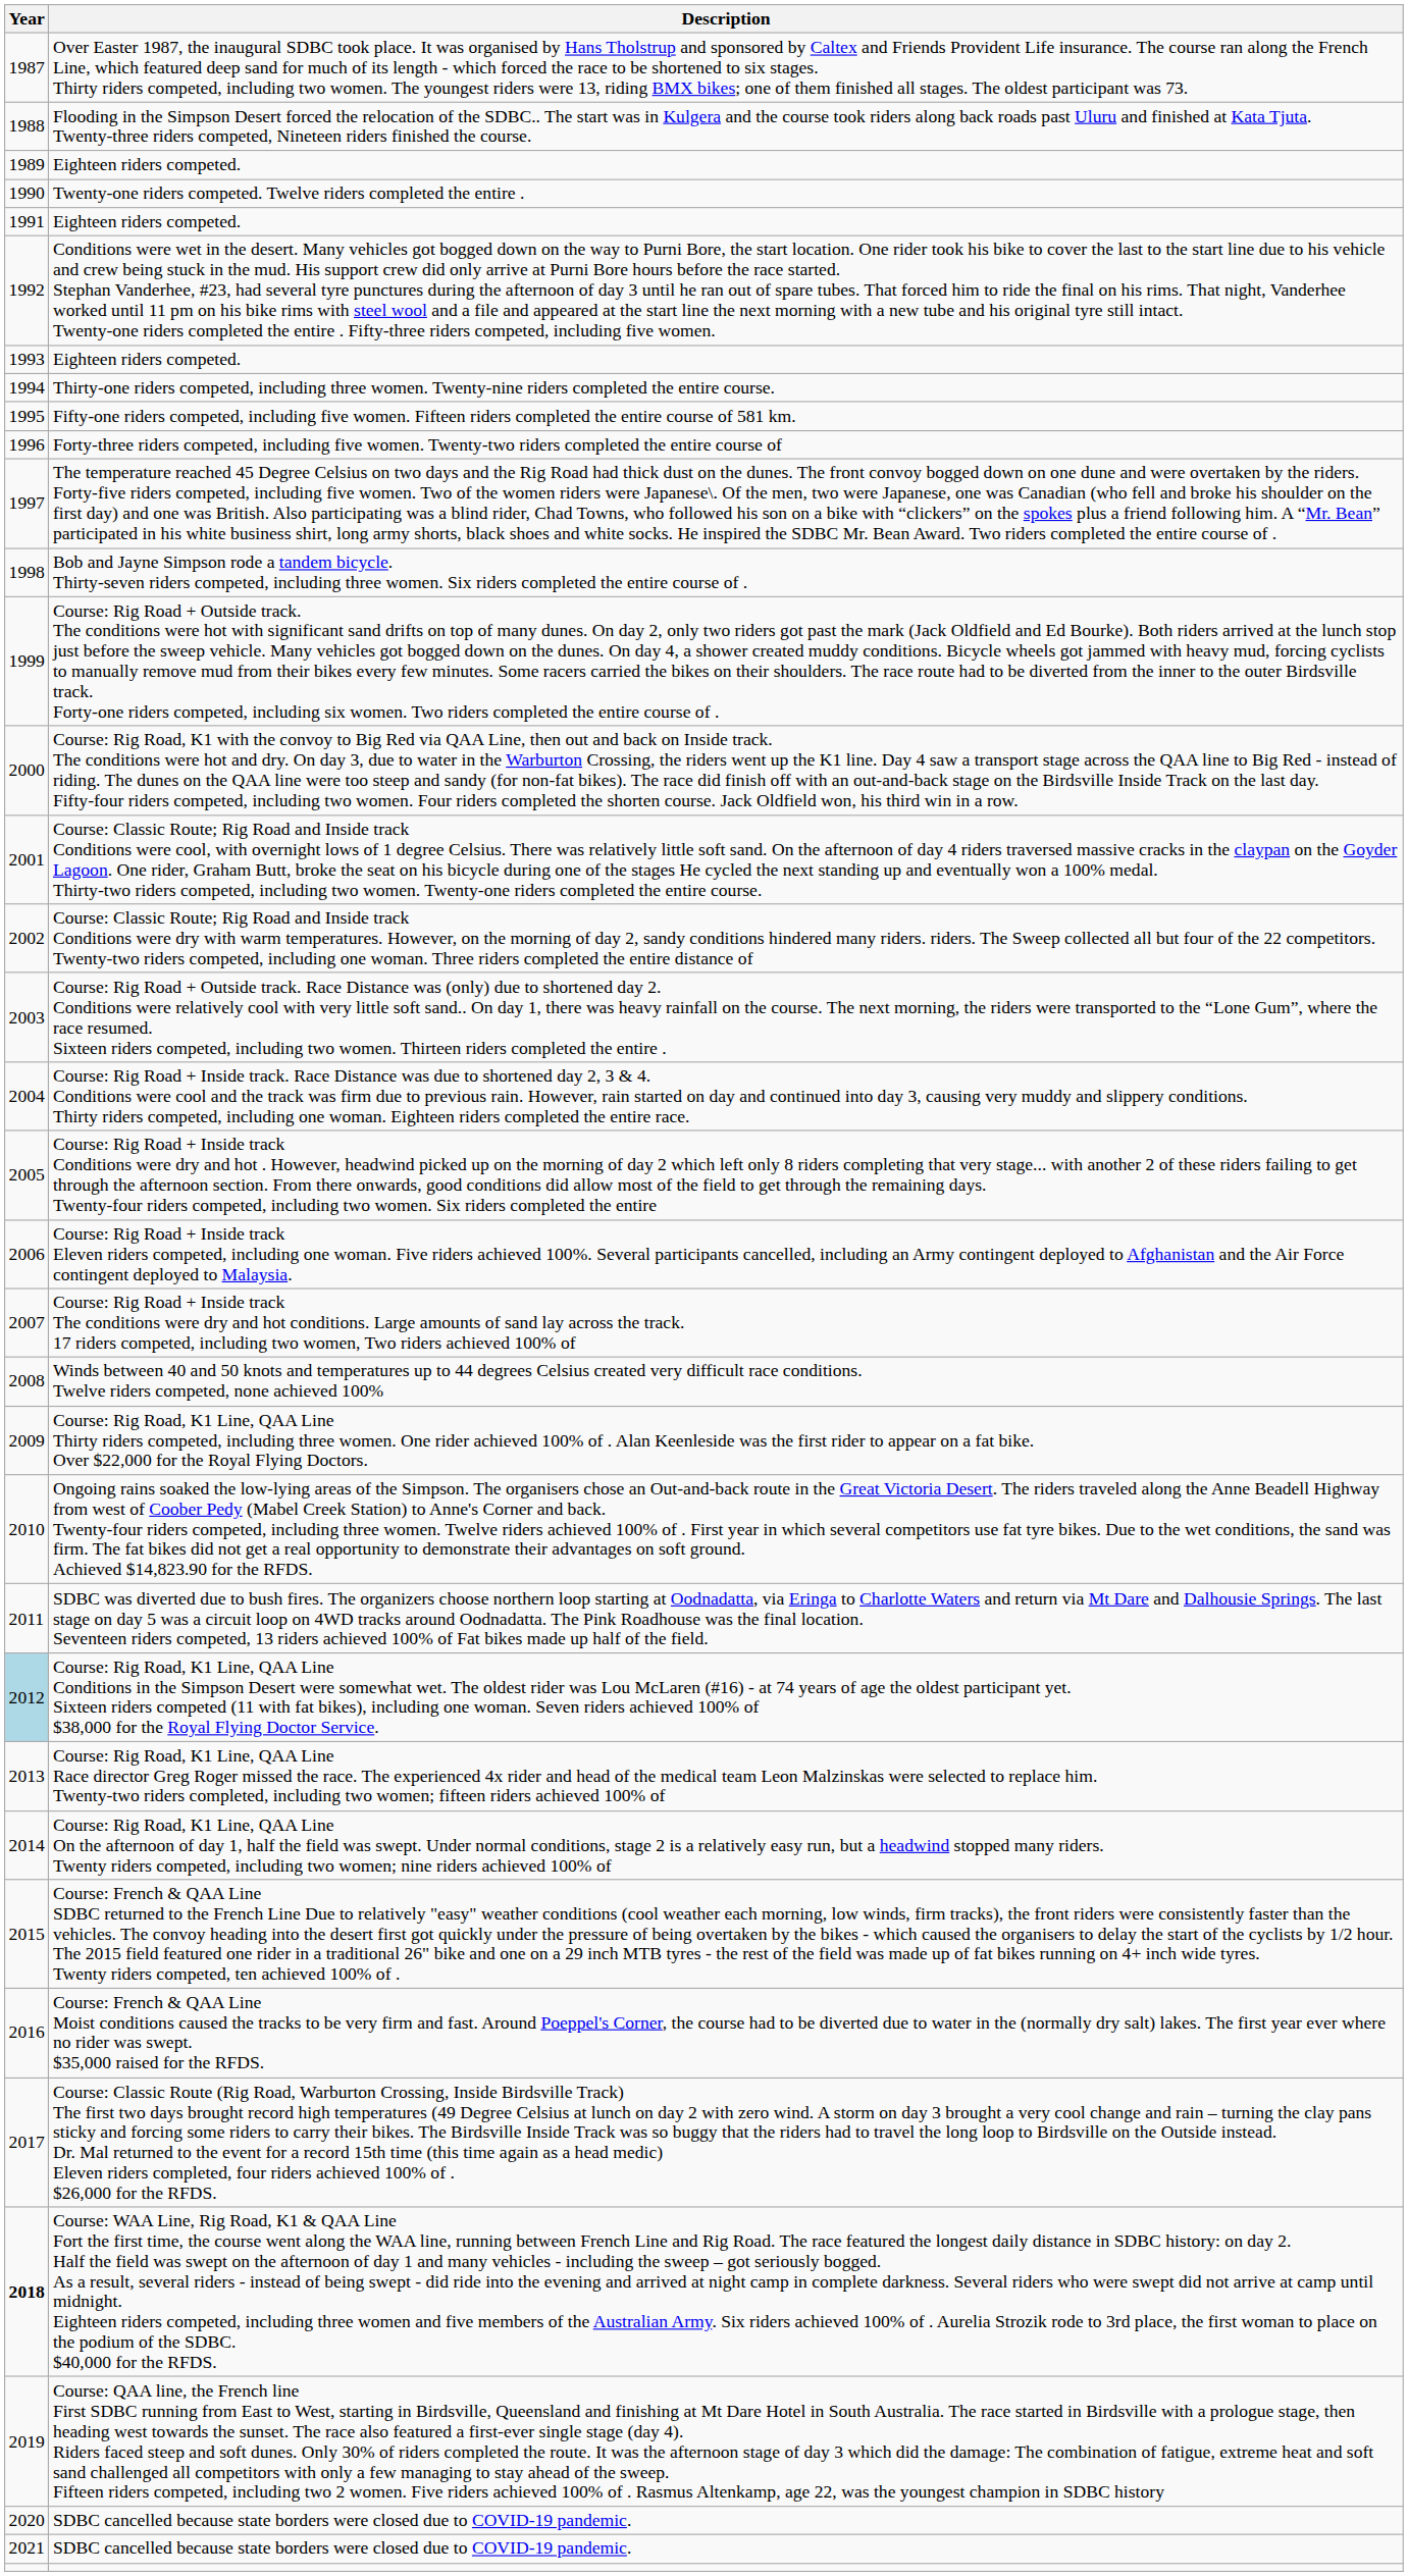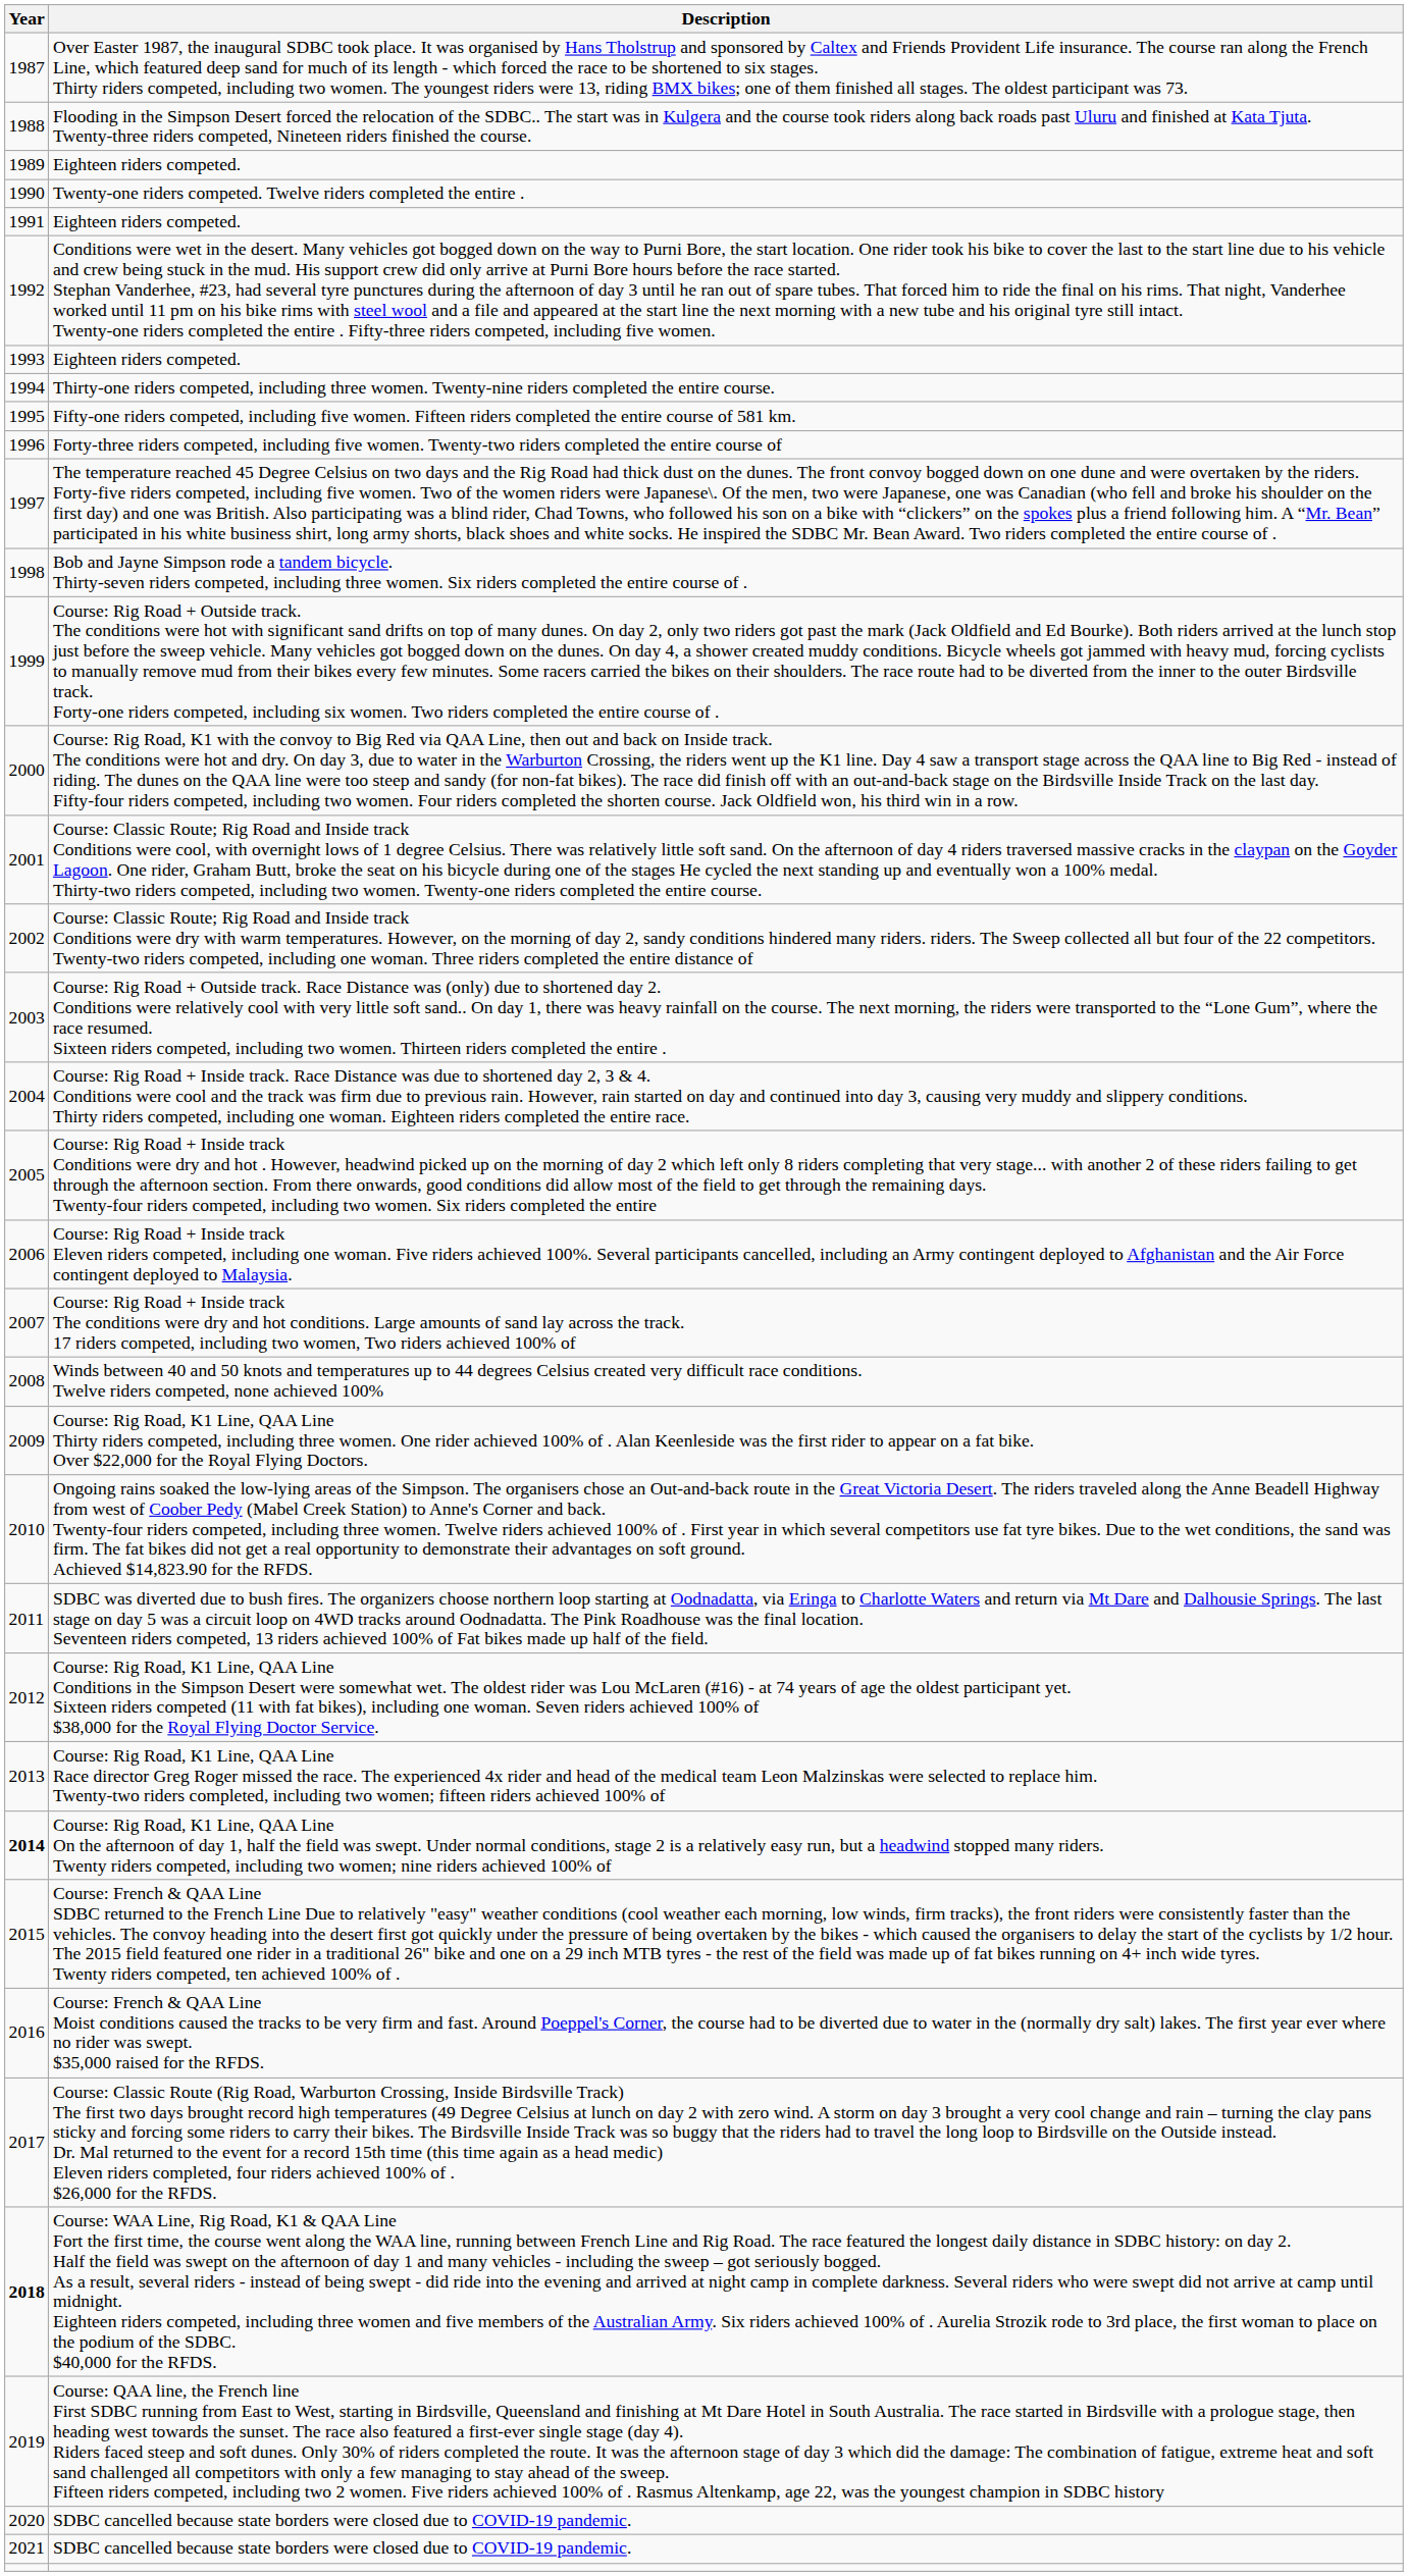 <table class="wikitable">
 <tr>
 <th>Year</th>
 <th><strong>Description</strong></th>
 </tr>
 <tr>
 <td>1987</td>
 <td>Over Easter 1987, the inaugural SDBC took place.  It was organised by <a href='#'>Hans Tholstrup</a> and  sponsored by <a href='#'>Caltex</a> and Friends Provident Life insurance.  The course ran along the French Line, which featured deep sand for much of its length - which forced the race to be shortened to six stages.<br>Thirty riders competed, including two women. The youngest riders were 13, riding <a href='#'>BMX bikes</a>; one of them finished all stages. The oldest participant was 73.</td>
 </tr>
 <tr>
 <td>1988</td>
 <td>Flooding in the Simpson Desert forced the relocation of the SDBC..  The start was in <a href='#'>Kulgera</a> and the course took riders along back roads past <a href='#'>Uluru</a> and finished at <a href='#'>Kata Tjuta</a>.<br>Twenty-three riders competed,  Nineteen riders finished the course.</td>
 </tr>
 <tr>
 <td>1989</td>
 <td>Eighteen riders competed.</td>
 </tr>
 <tr>
 <td>1990</td>
 <td>Twenty-one riders competed. Twelve riders completed the entire .</td>
 </tr>
 <tr>
 <td>1991</td>
 <td>Eighteen riders competed.</td>
 </tr>
 <tr>
 <td>1992</td>
 <td>Conditions were wet in the desert. Many vehicles got bogged down on the way to Purni Bore, the start location. One rider took his bike to cover the last  to the start line due to his vehicle and crew being stuck in the mud.  His support crew did only arrive at Purni Bore hours before the race started.<br>Stephan Vanderhee, #23, had several tyre punctures during the afternoon of day 3 until he ran out of spare tubes.  That forced him to ride the final  on his rims. That night, Vanderhee worked until 11 pm on his bike rims with <a href='#'>steel wool</a> and a file and appeared at the start line the next morning with a new tube and his original tyre still intact.<br>Twenty-one riders completed the entire  . Fifty-three riders competed, including five women.</td>
 </tr>
 <tr>
 <td>1993</td>
 <td>Eighteen riders competed.</td>
 </tr>
 <tr>
 <td>1994</td>
 <td>Thirty-one riders competed, including three women. Twenty-nine riders completed the entire course.</td>
 </tr>
 <tr>
 <td>1995</td>
 <td>Fifty-one riders competed, including five women. Fifteen riders completed the entire course of 581 km.</td>
 </tr>
 <tr>
 <td>1996</td>
 <td>Forty-three riders competed, including five women. Twenty-two riders completed the entire course of </td>
 </tr>
 <tr>
 <td>1997</td>
 <td>The temperature reached 45 Degree Celsius on two days and the Rig Road had thick dust on the dunes.  The front convoy bogged down on one dune and were overtaken by the riders.<br>Forty-five riders competed, including five women. Two of the women riders were Japanese\. Of the men, two were Japanese, one was Canadian (who fell and broke his shoulder on the first day) and one was British.  Also participating was a blind rider, Chad Towns, who followed his son on a bike with “clickers” on the <a href='#'>spokes</a> plus a friend following him.  A “<a href='#'>Mr. Bean</a>” participated in his white business shirt, long army shorts, black shoes and white socks.  He inspired the SDBC Mr. Bean Award.  Two riders completed the entire course of .</td>
 </tr>
 <tr>
 <td>1998</td>
 <td>Bob and Jayne Simpson rode a <a href='#'>tandem bicycle</a>.<br>Thirty-seven riders competed, including three women. Six riders completed the entire course of .</td>
 </tr>
 <tr>
 <td>1999</td>
 <td>Course: Rig Road + Outside track.<br>The conditions were hot with significant sand drifts on top of many dunes. On day 2, only two riders got past the  mark (Jack Oldfield and Ed Bourke). Both riders arrived at the lunch stop just before the sweep vehicle.  Many vehicles got bogged down on the dunes. On day 4, a shower created muddy conditions. Bicycle wheels got jammed with heavy mud, forcing cyclists to manually remove mud from their bikes every few minutes.  Some racers carried the bikes on their shoulders. The race route had to be diverted from the inner to the outer Birdsville track.<br>Forty-one riders competed, including six women. Two riders completed the entire course  of .</td>
 </tr>
 <tr>
 <td>2000</td>
 <td>Course: Rig Road, K1 with the convoy to Big Red via QAA Line, then out and back on Inside track.<br>The conditions were hot and dry. On day 3, due to water in the <a href='#'>Warburton</a> Crossing, the riders went up the K1 line. Day 4 saw a transport stage across the QAA line to Big Red - instead of riding. The dunes on the QAA line were too steep and sandy (for non-fat bikes). The race did finish off with an out-and-back stage on the Birdsville Inside Track on the last day.<br>Fifty-four riders competed, including two women. Four riders completed the shorten  course.  Jack Oldfield won, his third win in a row.</td>
 </tr>
 <tr>
 <td>2001</td>
 <td>Course: Classic Route; Rig  Road and Inside track<br>Conditions were cool, with overnight lows of 1 degree Celsius.  There was relatively little soft sand.  On the afternoon of day 4  riders traversed massive cracks in the <a href='#'>claypan</a> on the <a href='#'>Goyder Lagoon</a>.  One rider, Graham Butt, broke the seat on his bicycle during one of the stages  He cycled the  next  standing up and eventually won a 100% medal.<br>Thirty-two riders competed, including two women.  Twenty-one riders completed the entire  course.</td>
 </tr>
 <tr>
 <td>2002</td>
 <td>Course: Classic Route; Rig  Road and Inside track<br>Conditions were dry with warm temperatures. However, on the morning of day 2, sandy conditions hindered many riders. riders. The Sweep collected all but four of the 22 competitors.<br>Twenty-two riders competed, including one woman.  Three riders completed the entire distance of </td>
 </tr>
 <tr>
 <td>2003</td>
 <td>Course: Rig Road + Outside track. Race Distance was (only)  due to shortened day 2.<br>Conditions were relatively cool with very little soft sand..  On day 1, there was heavy rainfall on the course. The next morning, the riders were transported to the “Lone Gum”, where the race resumed.<br>Sixteen riders competed, including two women. Thirteen riders completed the entire .</td>
 </tr>
 <tr>
 <td>2004</td>
 <td>Course: Rig Road + Inside track. Race Distance was  due to shortened day 2, 3 & 4.<br>Conditions were cool and the track was firm due to previous rain.  However, rain started on day and continued into day 3, causing very muddy and slippery conditions.<br>Thirty riders competed, including one woman.  Eighteen riders completed the entire race.</td>
 </tr>
 <tr>
 <td>2005</td>
 <td>Course: Rig Road + Inside track<br>Conditions were dry and hot . However, headwind picked up on the morning of day 2 which left only 8 riders completing that very stage... with another 2 of these riders failing to get through the afternoon section. From there onwards, good conditions did allow most of the field to get through the remaining days.<br>Twenty-four riders competed, including two women. Six riders completed the entire </td>
 </tr>
 <tr>
 <td>2006</td>
 <td>Course: Rig Road + Inside track<br>Eleven riders competed, including one woman. Five riders achieved 100%.  Several participants cancelled, including an Army contingent deployed to <a href='#'>Afghanistan</a> and the Air Force contingent deployed to <a href='#'>Malaysia</a>.</td>
 </tr>
 <tr>
 <td>2007</td>
 <td>Course: Rig Road + Inside track<br>The conditions were dry and hot conditions. Large amounts of sand lay across the track.<br>17 riders competed, including two women, Two riders achieved 100% of </td>
 </tr>
 <tr>
 <td>2008</td>
 <td>Winds between 40 and 50 knots and temperatures up to 44 degrees Celsius created very difficult race conditions.<br>Twelve riders competed, none achieved 100%</td>
 </tr>
 <tr>
 <td>2009</td>
 <td>Course: Rig Road, K1 Line, QAA Line<br>Thirty riders competed, including three women. One rider achieved 100% of . Alan Keenleside was the first rider to appear on a fat bike.<br>Over $22,000 for the Royal Flying Doctors.</td>
 </tr>
 <tr>
 <td>2010</td>
 <td>Ongoing rains soaked the low-lying areas of the Simpson. The organisers chose an Out-and-back route in the <a href='#'>Great Victoria Desert</a>. The riders traveled along the Anne Beadell Highway from west of <a href='#'>Coober Pedy</a> (Mabel Creek Station) to Anne's Corner and back.<br>Twenty-four riders competed, including three women. Twelve riders achieved 100% of . First year in which several competitors use fat tyre bikes. Due to the wet conditions, the sand was firm. The fat bikes did not get a real opportunity to demonstrate their advantages on soft ground.<br>Achieved $14,823.90 for the RFDS.</td>
 </tr>
 <tr>
 <td>2011</td>
 <td>SDBC was diverted due to bush fires. The organizers choose northern loop starting at <a href='#'>Oodnadatta</a>, via <a href='#'>Eringa</a> to <a href='#'>Charlotte Waters</a> and return via <a href='#'>Mt Dare</a> and <a href='#'>Dalhousie Springs</a>. The last stage on day 5 was a circuit loop on 4WD tracks around Oodnadatta. The Pink Roadhouse was the final location.<br>Seventeen riders competed, 13 riders achieved 100% of   Fat bikes made up half of the field.</td>
 </tr>
 <tr>
-<td style="background: lightblue;">2012</td>
+<td>2012</td>
 <td>Course: Rig Road, K1 Line, QAA Line<br>Conditions in the Simpson Desert were somewhat wet. The oldest rider  was Lou McLaren (#16) - at 74 years of age the oldest participant yet.<br>Sixteen riders competed (11 with fat bikes), including one woman.  Seven riders achieved 100% of <br>$38,000 for the <a href='#'>Royal Flying Doctor Service</a>.</td>
 </tr>
 <tr>
 <td>2013</td>
 <td>Course: Rig Road, K1 Line, QAA Line<br>Race director Greg Roger missed the race. The experienced 4x rider and head of the medical team Leon Malzinskas were selected to replace him.<br>Twenty-two riders completed, including two women; fifteen riders achieved 100% of </td>
 </tr>
 <tr>
-<td>2014</td>
+<td><strong>2014</strong></td>
 <td>Course: Rig Road, K1 Line, QAA Line<br>On the afternoon of day 1, half the field was swept. Under normal conditions, stage 2 is a relatively easy run, but a <a href='#'>headwind</a> stopped many riders.<br>Twenty riders competed, including two women; nine riders achieved 100% of </td>
 </tr>
 <tr>
 <td>2015</td>
 <td>Course: French & QAA Line<br>SDBC returned to the French Line Due to relatively "easy" weather conditions (cool weather each morning, low winds, firm tracks), the front riders were consistently faster than the vehicles. The convoy heading into the desert first got quickly under the pressure of being overtaken by the bikes - which caused the organisers to delay the start of the cyclists by 1/2 hour.<br>The 2015 field featured one rider in a traditional 26" bike and one on a 29 inch MTB tyres - the rest of the field was made up of fat bikes running on 4+ inch wide tyres.<br>Twenty riders competed, ten achieved 100% of .</td>
 </tr>
 <tr>
 <td>2016</td>
 <td>Course: French & QAA Line<br>Moist conditions caused the tracks to be very firm and fast. Around <a href='#'>Poeppel's Corner</a>, the course had to be diverted due to water in the (normally dry salt) lakes. The first year ever where no rider was swept.<br>$35,000 raised for the RFDS.</td>
 </tr>
 <tr>
 <td>2017</td>
 <td>Course: Classic Route (Rig Road, Warburton Crossing, Inside Birdsville Track)<br>The first two days brought record high temperatures (49 Degree Celsius at lunch on day 2 with zero wind.  A storm on day 3 brought a very cool change and rain – turning the clay pans sticky and forcing some riders to carry their bikes. The Birdsville Inside Track was so buggy that the riders had to travel the long loop to Birdsville on the Outside instead.<br>Dr. Mal returned to the event for a record 15th time (this time again as a head medic)<br>Eleven riders completed, four riders achieved 100% of .<br>$26,000 for the RFDS.</td>
 </tr>
 <tr>
 <td><strong>2018</strong></td>
 <td>Course: WAA Line, Rig Road, K1 & QAA Line<br>Fort the first time, the course went along the WAA line, running between French Line and Rig Road. The race featured the longest daily distance in SDBC history:  on day 2.<br>Half the field was swept on the afternoon of day 1 and many vehicles - including the sweep – got seriously bogged.<br>As a result, several riders - instead of being swept - did ride into the evening and arrived at night camp in complete darkness. Several riders who were swept did not arrive at camp until midnight.<br>Eighteen riders competed, including three women and five members of the <a href='#'>Australian Army</a>. Six riders achieved 100% of . Aurelia Strozik rode to 3rd place, the first woman to place on the podium of the SDBC.<br>$40,000 for the RFDS.</td>
 </tr>
 <tr>
 <td>2019</td>
 <td>Course: QAA line, the French line<br>First SDBC running from East to West, starting in Birdsville, Queensland and finishing at Mt Dare Hotel in South Australia. The race started in Birdsville with a prologue stage, then heading west towards the sunset. The race also featured a first-ever single  stage (day 4).<br>Riders faced steep and soft dunes. Only 30% of riders completed the route. It was the afternoon stage of day 3 which did the damage: The combination of fatigue, extreme heat and soft sand challenged all competitors with only a few managing to stay ahead of the sweep.<br>Fifteen riders competed, including two  2 women.  Five riders achieved 100% of . Rasmus Altenkamp, age 22, was the youngest champion in SDBC history</td>
 </tr>
 <tr>
 <td>2020</td>
 <td>SDBC cancelled because state borders were closed due to <a href='#'>COVID-19 pandemic</a>.</td>
 </tr>
 <tr>
 <td>2021</td>
 <td>SDBC cancelled because state borders were closed due to <a href='#'>COVID-19 pandemic</a>.</td>
 </tr>
 <tr>
 <td></td>
 <td></td>
 </tr>
 </table>
